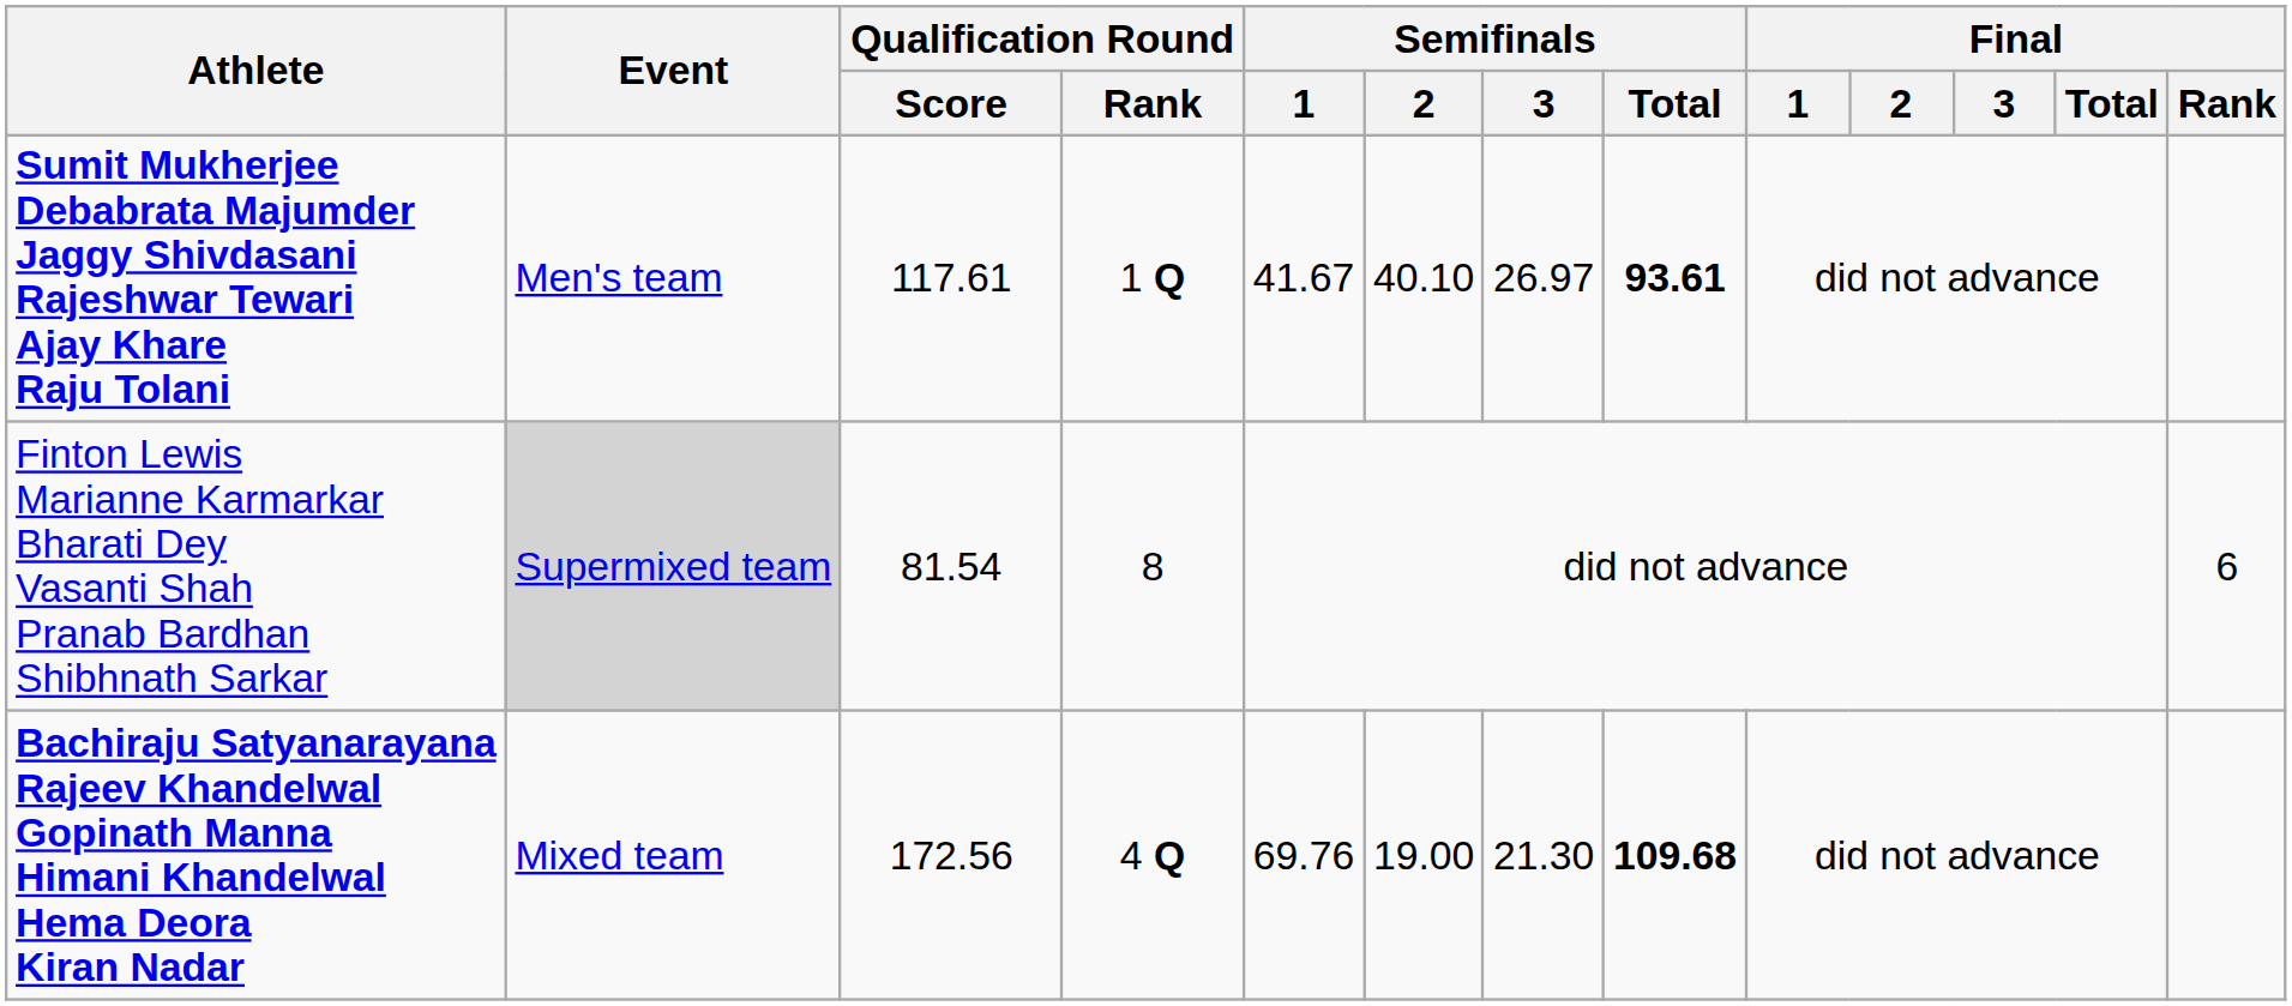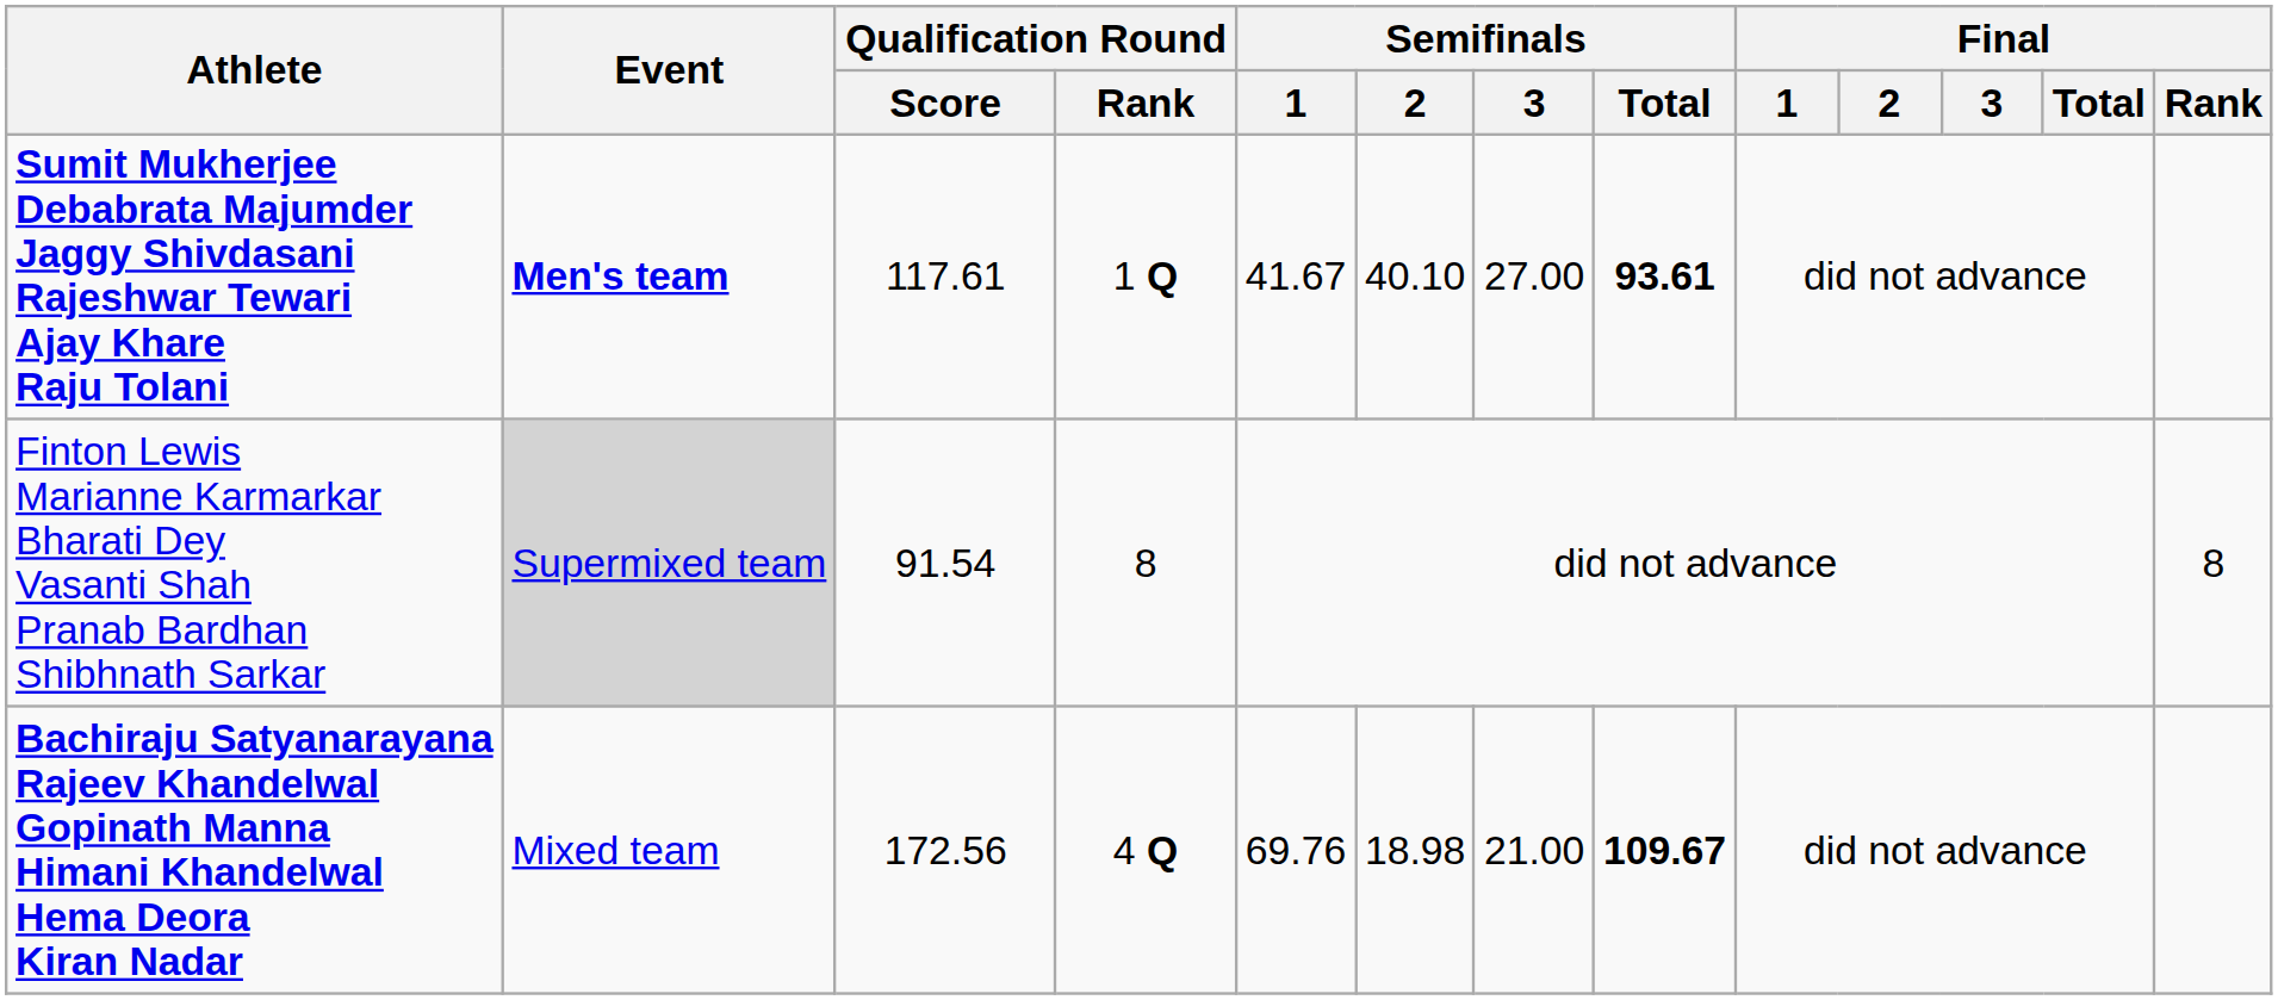 <table class=wikitable style="text-align:center; font-size:90%">
 <tr>
 <th rowspan="2">Athlete</th>
 <th rowspan="2">Event</th>
 <th colspan="2">Qualification Round</th>
 <th colspan="4">Semifinals</th>
 <th colspan="5">Final</th>
 </tr>
 <tr>
 <th>Score</th>
 <th>Rank</th>
 <th>1</th>
 <th>2</th>
 <th>3</th>
 <th>Total</th>
 <th width=30px>1</th>
 <th width=30px>2</th>
 <th width=30px>3</th>
 <th width=30px>Total</th>
 <th>Rank</th>
 </tr>
 <tr>
 <td align=left><strong><a href='#'>Sumit Mukherjee</a><br><a href='#'>Debabrata Majumder</a><br><a href='#'>Jaggy Shivdasani</a><br><a href='#'>Rajeshwar Tewari</a><br><a href='#'>Ajay Khare</a><br><a href='#'>Raju Tolani</a></strong></td>
-<td align=left><a href='#'>Men's team</a></td>
+<td align=left><strong><a href='#'>Men's team</a></strong></td>
 <td>117.61</td>
 <td>1 <strong>Q</strong></td>
 <td>41.67</td>
 <td>40.10</td>
-<td>26.97</td>
+<td>27.00</td>
 <td><strong>93.61</strong></td>
 <td colspan="4">did not advance</td>
 <td></td>
 </tr>
 <tr>
 <td align=left><a href='#'>Finton Lewis</a><br><a href='#'>Marianne Karmarkar</a><br><a href='#'>Bharati Dey</a><br><a href='#'>Vasanti Shah</a><br><a href='#'>Pranab Bardhan</a><br><a href='#'>Shibhnath Sarkar</a></td>
 <td align=left style="background: lightgrey;"><a href='#'>Supermixed team</a></td>
-<td>81.54</td>
+<td>91.54</td>
 <td>8</td>
 <td colspan="8">did not advance</td>
-<td>6</td>
+<td>8</td>
 </tr>
 <tr>
 <td align=left><strong><a href='#'>Bachiraju Satyanarayana</a><br><a href='#'>Rajeev Khandelwal</a><br><a href='#'>Gopinath Manna</a><br><a href='#'>Himani Khandelwal</a><br><a href='#'>Hema Deora</a><br><a href='#'>Kiran Nadar</a></strong></td>
 <td align=left><a href='#'>Mixed team</a></td>
 <td>172.56</td>
 <td>4 <strong>Q</strong></td>
 <td>69.76</td>
-<td>19.00</td>
-<td>21.30</td>
-<td><strong>109.68</strong></td>
+<td>18.98</td>
+<td>21.00</td>
+<td><strong>109.67</strong></td>
 <td colspan="4">did not advance</td>
 <td></td>
 </tr>
 </table>
